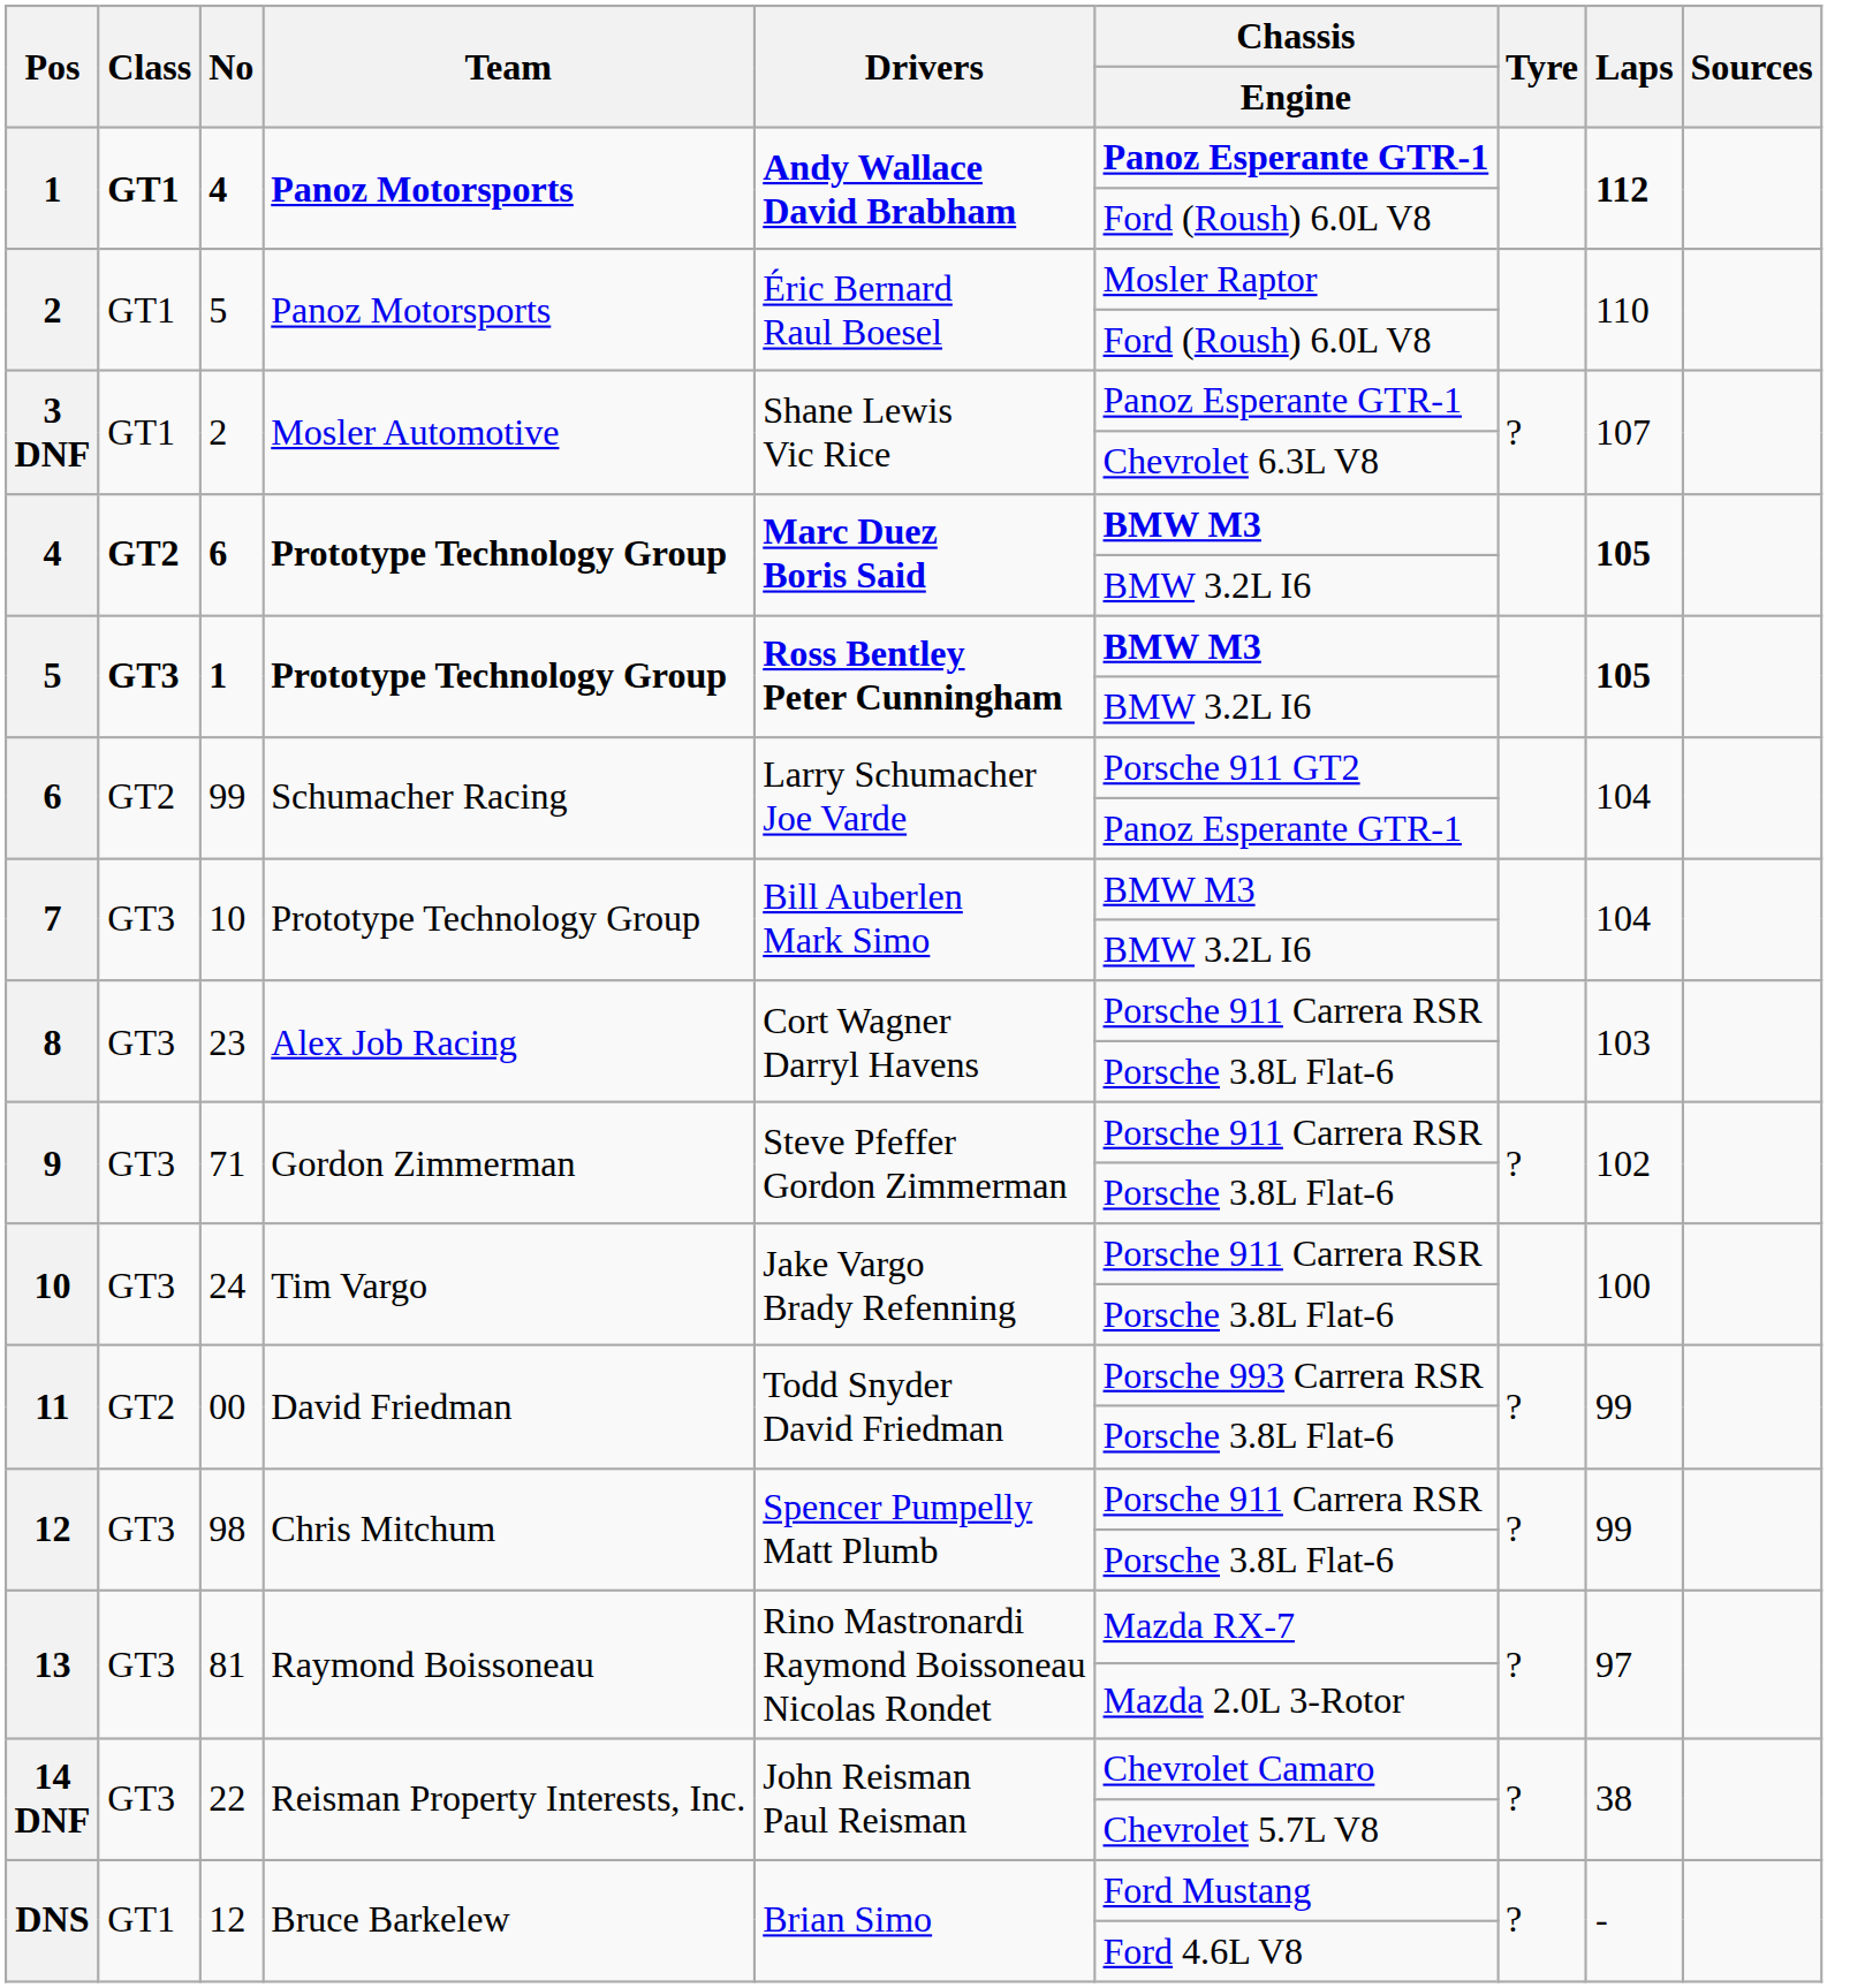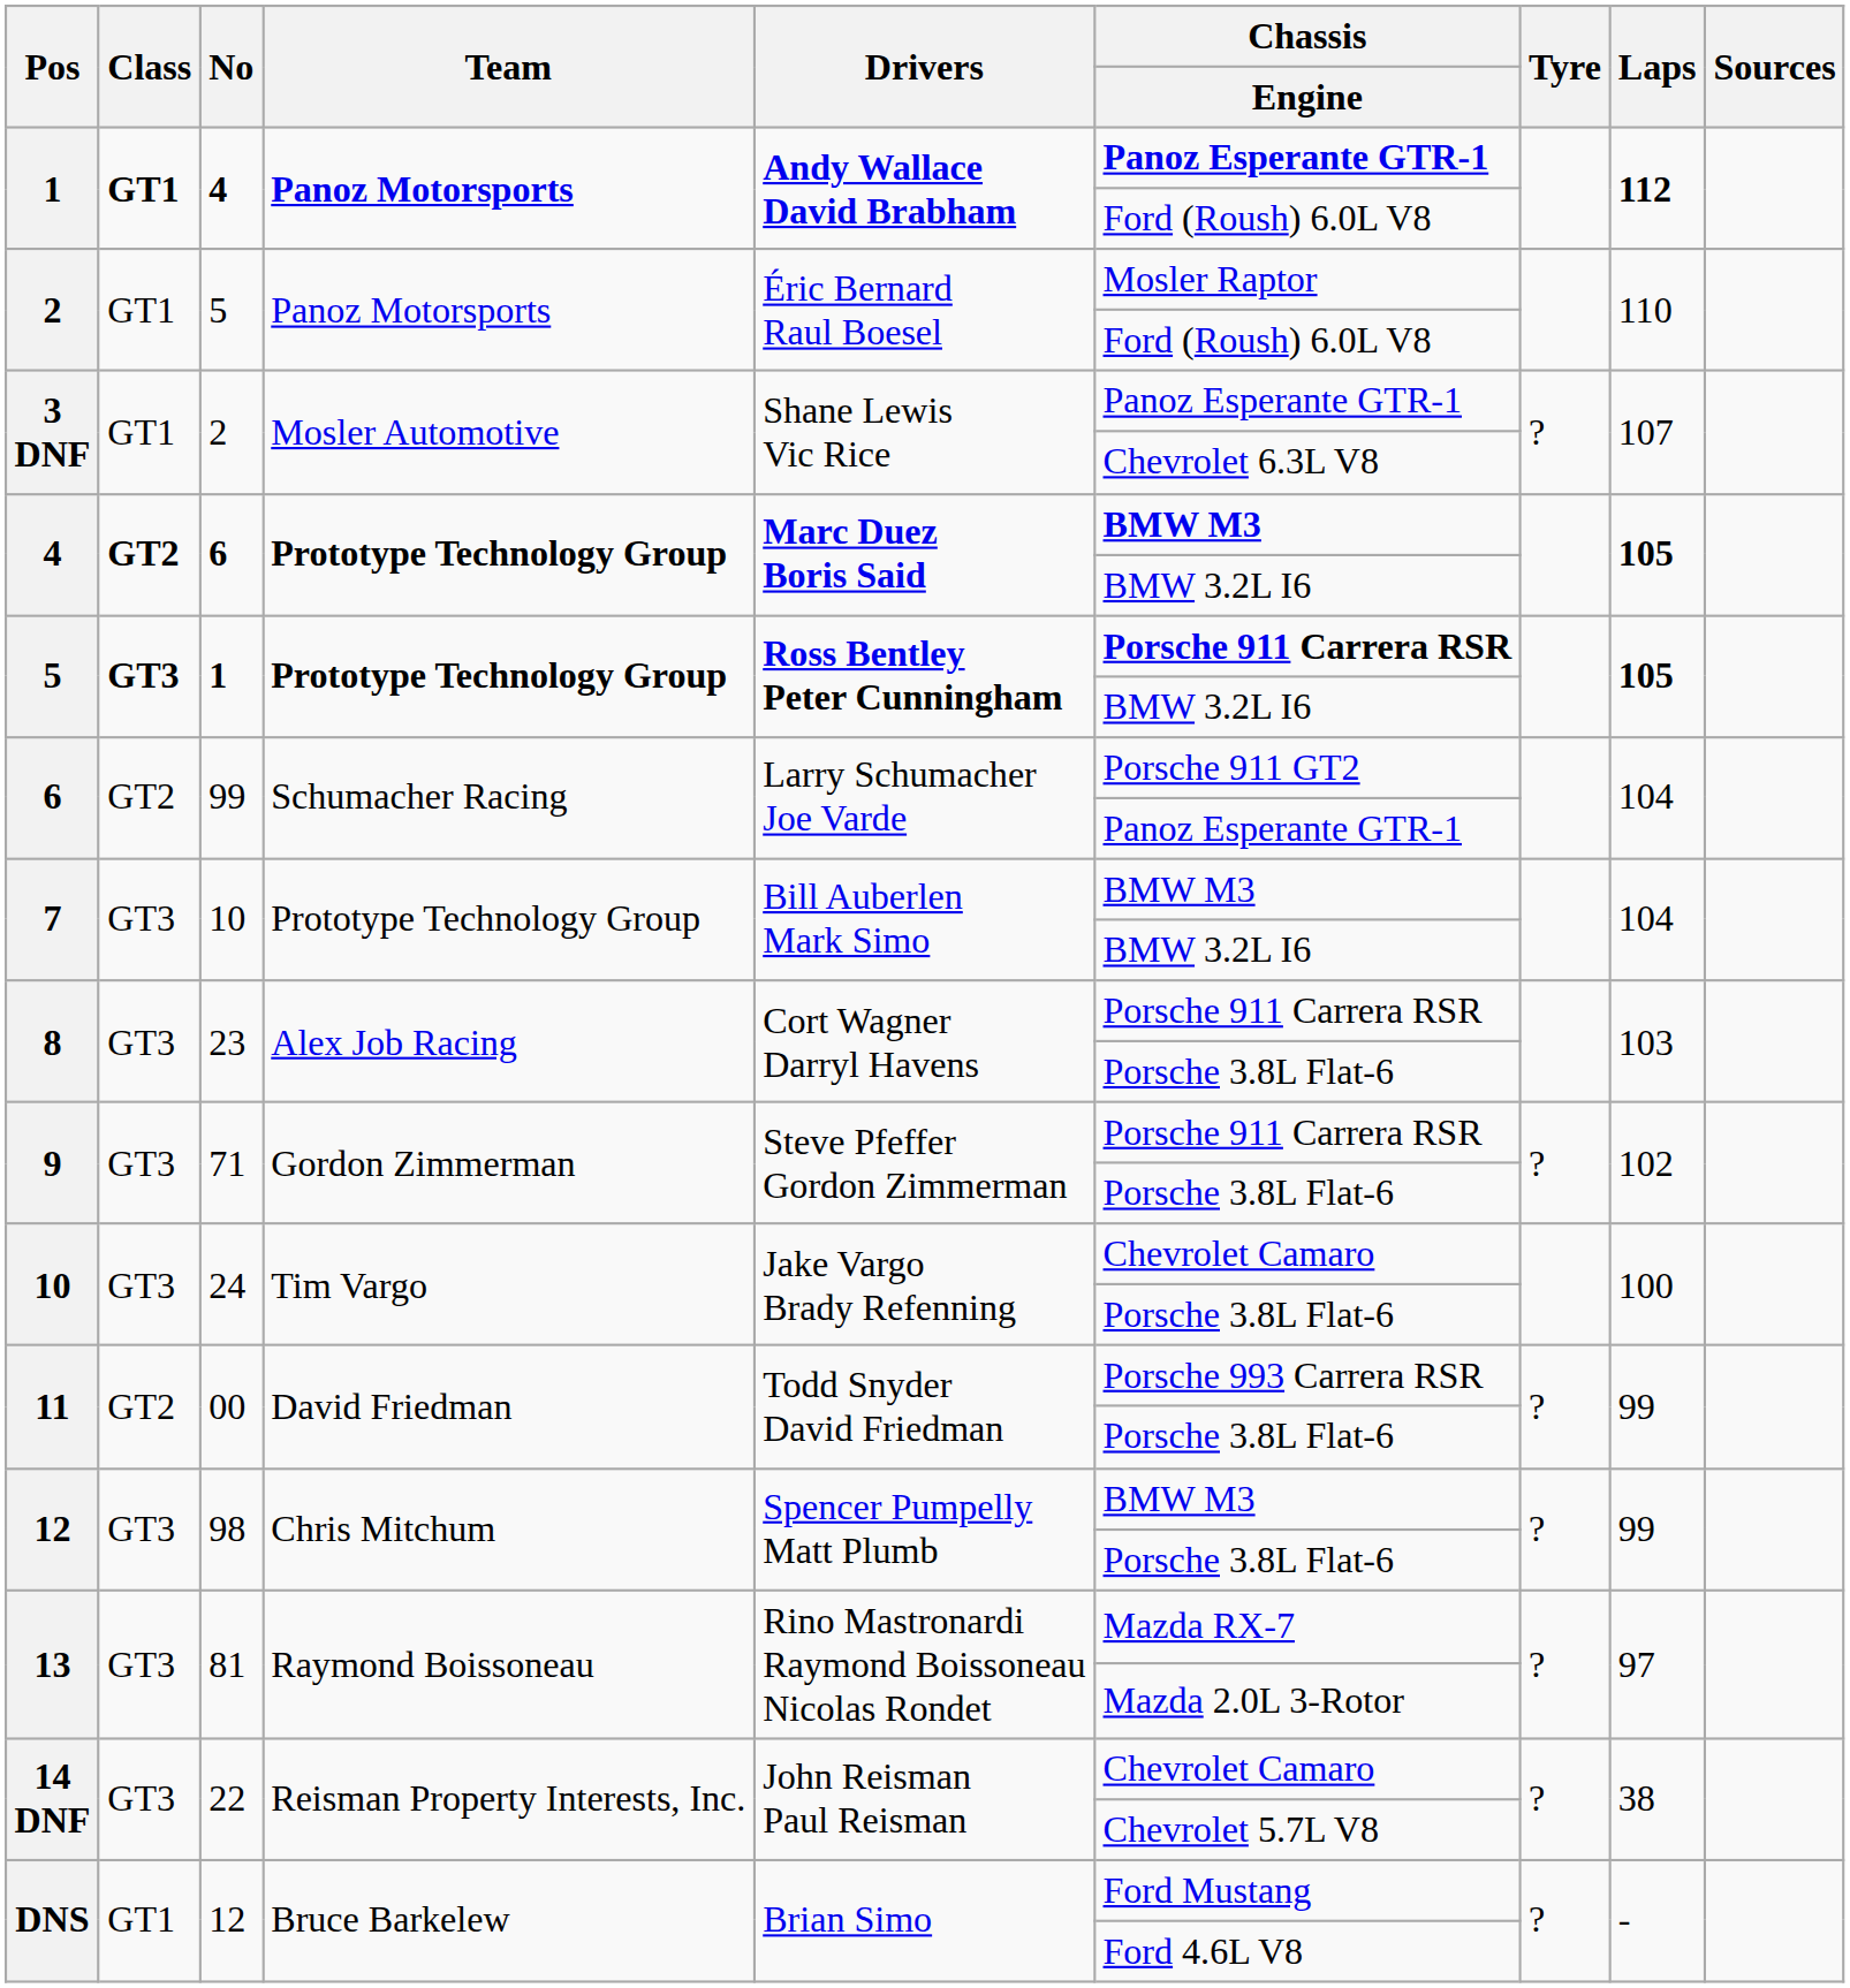 <table class="wikitable" style="font-size: 95%;">
 <tr>
 <th rowspan=2>Pos</th>
 <th rowspan=2>Class</th>
 <th rowspan=2>No</th>
 <th rowspan=2>Team</th>
 <th rowspan=2>Drivers</th>
 <th>Chassis</th>
 <th rowspan=2>Tyre</th>
 <th rowspan=2>Laps</th>
 <th rowspan="2">Sources</th>
 </tr>
 <tr>
 <th>Engine</th>
 </tr>
 <tr style="font-weight:bold">
 <th rowspan=2>1</th>
 <td rowspan=2>GT1</td>
 <td rowspan=2>4</td>
 <td rowspan=2><a href='#'>Panoz Motorsports</a></td>
 <td rowspan=2> <a href='#'>Andy Wallace</a><br> <a href='#'>David Brabham</a></td>
 <td><a href='#'>Panoz Esperante GTR-1</a></td>
 <td rowspan=2></td>
 <td rowspan=2>112</td>
 <td rowspan="2"></td>
 </tr>
 <tr>
 <td><a href='#'>Ford</a> (<a href='#'>Roush</a>) 6.0L V8</td>
 </tr>
 <tr>
 <th rowspan=2>2</th>
 <td rowspan=2>GT1</td>
 <td rowspan=2>5</td>
 <td rowspan=2><a href='#'>Panoz Motorsports</a></td>
 <td rowspan=2> <a href='#'>Éric Bernard</a><br> <a href='#'>Raul Boesel</a></td>
 <td><a href='#'>Mosler Raptor</a></td>
 <td rowspan=2></td>
 <td rowspan=2>110</td>
 <td rowspan="2"></td>
 </tr>
 <tr>
 <td><a href='#'>Ford</a> (<a href='#'>Roush</a>) 6.0L V8</td>
 </tr>
 <tr>
 <th rowspan=2>3<br>DNF</th>
 <td rowspan=2>GT1</td>
 <td rowspan=2>2</td>
 <td rowspan=2><a href='#'>Mosler Automotive</a></td>
 <td rowspan=2> Shane Lewis<br> Vic Rice</td>
 <td><a href='#'>Panoz Esperante GTR-1</a></td>
 <td rowspan=2>?</td>
 <td rowspan=2>107</td>
 <td rowspan="2"></td>
 </tr>
 <tr>
 <td><a href='#'>Chevrolet</a> 6.3L V8</td>
 </tr>
 <tr style="font-weight:bold">
 <th rowspan=2>4</th>
 <td rowspan=2>GT2</td>
 <td rowspan=2>6</td>
 <td rowspan=2>Prototype Technology Group</td>
 <td rowspan=2> <a href='#'>Marc Duez</a><br> <a href='#'>Boris Said</a></td>
 <td><a href='#'>BMW M3</a></td>
 <td rowspan=2></td>
 <td rowspan=2>105</td>
 <td rowspan="2"></td>
 </tr>
 <tr>
 <td><a href='#'>BMW</a> 3.2L I6</td>
 </tr>
 <tr style="font-weight:bold">
 <th rowspan=2>5</th>
 <td rowspan=2>GT3</td>
 <td rowspan=2>1</td>
 <td rowspan=2>Prototype Technology Group</td>
 <td rowspan=2> <a href='#'>Ross Bentley</a><br> Peter Cunningham</td>
-<td><a href='#'>BMW M3</a></td>
+<td><a href='#'>Porsche 911</a> Carrera RSR</td>
 <td rowspan=2></td>
 <td rowspan=2>105</td>
 <td rowspan="2"></td>
 </tr>
 <tr>
 <td><a href='#'>BMW</a> 3.2L I6</td>
 </tr>
 <tr>
 <th rowspan=2>6</th>
 <td rowspan=2>GT2</td>
 <td rowspan=2>99</td>
 <td rowspan=2>Schumacher Racing</td>
 <td rowspan=2> Larry Schumacher<br> <a href='#'>Joe Varde</a></td>
 <td><a href='#'>Porsche 911 GT2</a></td>
 <td rowspan=2></td>
 <td rowspan=2>104</td>
 <td rowspan="2"></td>
 </tr>
 <tr>
 <td><a href='#'>Panoz Esperante GTR-1</a></td>
 </tr>
 <tr>
 <th rowspan=2>7</th>
 <td rowspan=2>GT3</td>
 <td rowspan=2>10</td>
 <td rowspan=2>Prototype Technology Group</td>
 <td rowspan=2> <a href='#'>Bill Auberlen</a><br> <a href='#'>Mark Simo</a></td>
 <td><a href='#'>BMW M3</a></td>
 <td rowspan=2></td>
 <td rowspan=2>104</td>
 <td rowspan="2"></td>
 </tr>
 <tr>
 <td><a href='#'>BMW</a> 3.2L I6</td>
 </tr>
 <tr>
 <th rowspan=2>8</th>
 <td rowspan=2>GT3</td>
 <td rowspan=2>23</td>
 <td rowspan=2><a href='#'>Alex Job Racing</a></td>
 <td rowspan=2> Cort Wagner<br> Darryl Havens</td>
 <td><a href='#'>Porsche 911</a> Carrera RSR</td>
 <td rowspan=2></td>
 <td rowspan=2>103</td>
 <td rowspan="2"></td>
 </tr>
 <tr>
 <td><a href='#'>Porsche</a> 3.8L Flat-6</td>
 </tr>
 <tr>
 <th rowspan=2>9</th>
 <td rowspan=2>GT3</td>
 <td rowspan=2>71</td>
 <td rowspan=2>Gordon Zimmerman</td>
 <td rowspan=2> Steve Pfeffer<br> Gordon Zimmerman</td>
 <td><a href='#'>Porsche 911</a> Carrera RSR</td>
 <td rowspan=2>?</td>
 <td rowspan=2>102</td>
 <td rowspan="2"></td>
 </tr>
 <tr>
 <td><a href='#'>Porsche</a> 3.8L Flat-6</td>
 </tr>
 <tr>
 <th rowspan=2>10</th>
 <td rowspan=2>GT3</td>
 <td rowspan=2>24</td>
 <td rowspan=2>Tim Vargo</td>
 <td rowspan=2> Jake Vargo<br> Brady Refenning</td>
-<td><a href='#'>Porsche 911</a> Carrera RSR</td>
+<td><a href='#'>Chevrolet Camaro</a></td>
 <td rowspan=2></td>
 <td rowspan=2>100</td>
 <td rowspan="2"></td>
 </tr>
 <tr>
 <td><a href='#'>Porsche</a> 3.8L Flat-6</td>
 </tr>
 <tr>
 <th rowspan=2>11</th>
 <td rowspan=2>GT2</td>
 <td rowspan=2>00</td>
 <td rowspan=2>David Friedman</td>
 <td rowspan=2> Todd Snyder<br> David Friedman</td>
 <td><a href='#'>Porsche 993</a> Carrera RSR</td>
 <td rowspan=2>?</td>
 <td rowspan=2>99</td>
 <td rowspan="2"></td>
 </tr>
 <tr>
 <td><a href='#'>Porsche</a> 3.8L Flat-6</td>
 </tr>
 <tr>
 <th rowspan=2>12</th>
 <td rowspan=2>GT3</td>
 <td rowspan=2>98</td>
 <td rowspan=2>Chris Mitchum</td>
 <td rowspan=2> <a href='#'>Spencer Pumpelly</a><br> Matt Plumb</td>
-<td><a href='#'>Porsche 911</a> Carrera RSR</td>
+<td><a href='#'>BMW M3</a></td>
 <td rowspan=2>?</td>
 <td rowspan=2>99</td>
 <td rowspan="2"></td>
 </tr>
 <tr>
 <td><a href='#'>Porsche</a> 3.8L Flat-6</td>
 </tr>
 <tr>
 <th rowspan=2>13</th>
 <td rowspan=2>GT3</td>
 <td rowspan=2>81</td>
 <td rowspan=2>Raymond Boissoneau</td>
 <td rowspan=2> Rino Mastronardi<br> Raymond Boissoneau<br> Nicolas Rondet</td>
 <td><a href='#'>Mazda RX-7</a></td>
 <td rowspan=2>?</td>
 <td rowspan=2>97</td>
 <td rowspan="2"></td>
 </tr>
 <tr>
 <td><a href='#'>Mazda</a> 2.0L 3-Rotor</td>
 </tr>
 <tr>
 <th rowspan=2>14<br>DNF</th>
 <td rowspan=2>GT3</td>
 <td rowspan=2>22</td>
 <td rowspan=2>Reisman Property Interests, Inc.</td>
 <td rowspan=2> John Reisman<br> Paul Reisman</td>
 <td><a href='#'>Chevrolet Camaro</a></td>
 <td rowspan=2>?</td>
 <td rowspan=2>38</td>
 <td rowspan="2"></td>
 </tr>
 <tr>
 <td><a href='#'>Chevrolet</a> 5.7L V8</td>
 </tr>
 <tr>
 <th rowspan=2>DNS</th>
 <td rowspan=2>GT1</td>
 <td rowspan=2>12</td>
 <td rowspan=2>Bruce Barkelew</td>
 <td rowspan=2> <a href='#'>Brian Simo</a></td>
 <td><a href='#'>Ford Mustang</a></td>
 <td rowspan=2>?</td>
 <td rowspan=2>-</td>
 <td rowspan="2"></td>
 </tr>
 <tr>
 <td><a href='#'>Ford</a> 4.6L V8</td>
 </tr>
 </table>
